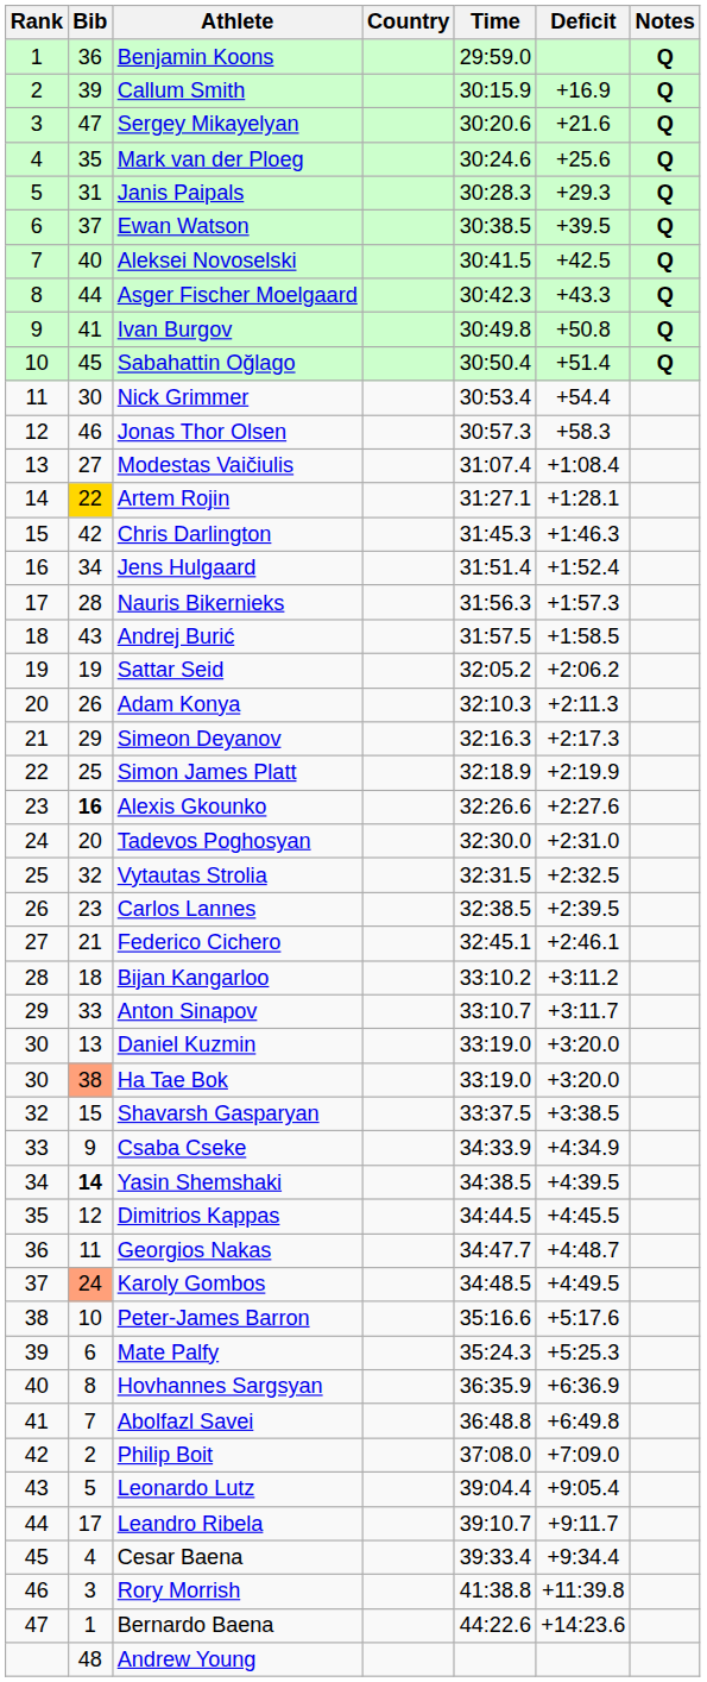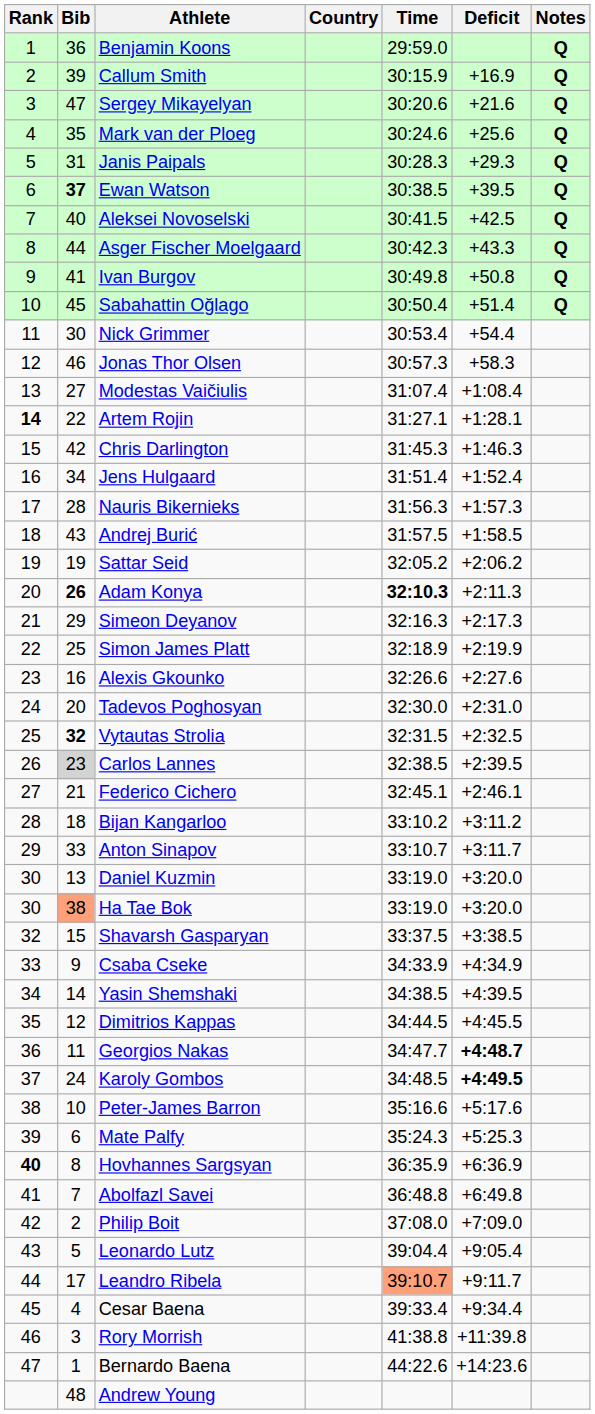 <table class="wikitable sortable" style="text-align:center">
 <tr>
 <th>Rank</th>
 <th>Bib</th>
 <th>Athlete</th>
 <th>Country</th>
 <th>Time</th>
 <th>Deficit</th>
 <th>Notes</th>
 </tr>
 <tr bgcolor="#ccffcc">
 <td>1</td>
 <td>36</td>
 <td align=left><a href='#'>Benjamin Koons</a></td>
 <td align=left></td>
 <td>29:59.0</td>
 <td></td>
 <td><strong>Q</strong></td>
 </tr>
 <tr bgcolor="#ccffcc">
 <td>2</td>
 <td>39</td>
 <td align=left><a href='#'>Callum Smith</a></td>
 <td align=left></td>
 <td>30:15.9</td>
 <td>+16.9</td>
 <td><strong>Q</strong></td>
 </tr>
 <tr bgcolor="#ccffcc">
 <td>3</td>
 <td>47</td>
 <td align=left><a href='#'>Sergey Mikayelyan</a></td>
 <td align=left></td>
 <td>30:20.6</td>
 <td>+21.6</td>
 <td><strong>Q</strong></td>
 </tr>
 <tr bgcolor="#ccffcc">
 <td>4</td>
 <td>35</td>
 <td align=left><a href='#'>Mark van der Ploeg</a></td>
 <td align=left></td>
 <td>30:24.6</td>
 <td>+25.6</td>
 <td><strong>Q</strong></td>
 </tr>
 <tr bgcolor="#ccffcc">
 <td>5</td>
 <td>31</td>
 <td align=left><a href='#'>Janis Paipals</a></td>
 <td align=left></td>
 <td>30:28.3</td>
 <td>+29.3</td>
 <td><strong>Q</strong></td>
 </tr>
 <tr bgcolor="#ccffcc">
 <td>6</td>
-<td>37</td>
+<td><strong>37</strong></td>
 <td align=left><a href='#'>Ewan Watson</a></td>
 <td align=left></td>
 <td>30:38.5</td>
 <td>+39.5</td>
 <td><strong>Q</strong></td>
 </tr>
 <tr bgcolor="#ccffcc">
 <td>7</td>
 <td>40</td>
 <td align=left><a href='#'>Aleksei Novoselski</a></td>
 <td align=left></td>
 <td>30:41.5</td>
 <td>+42.5</td>
 <td><strong>Q</strong></td>
 </tr>
 <tr bgcolor="#ccffcc">
 <td>8</td>
 <td>44</td>
 <td align=left><a href='#'>Asger Fischer Moelgaard</a></td>
 <td align=left></td>
 <td>30:42.3</td>
 <td>+43.3</td>
 <td><strong>Q</strong></td>
 </tr>
 <tr bgcolor="#ccffcc">
 <td>9</td>
 <td>41</td>
 <td align=left><a href='#'>Ivan Burgov</a></td>
 <td align=left></td>
 <td>30:49.8</td>
 <td>+50.8</td>
 <td><strong>Q</strong></td>
 </tr>
 <tr bgcolor="#ccffcc">
 <td>10</td>
 <td>45</td>
 <td align=left><a href='#'>Sabahattin Oğlago</a></td>
 <td align=left></td>
 <td>30:50.4</td>
 <td>+51.4</td>
 <td><strong>Q</strong></td>
 </tr>
 <tr>
 <td>11</td>
 <td>30</td>
 <td align=left><a href='#'>Nick Grimmer</a></td>
 <td align=left></td>
 <td>30:53.4</td>
 <td>+54.4</td>
 <td></td>
 </tr>
 <tr>
 <td>12</td>
 <td>46</td>
 <td align=left><a href='#'>Jonas Thor Olsen</a></td>
 <td align=left></td>
 <td>30:57.3</td>
 <td>+58.3</td>
 <td></td>
 </tr>
 <tr>
 <td>13</td>
 <td>27</td>
 <td align=left><a href='#'>Modestas Vaičiulis</a></td>
 <td align=left></td>
 <td>31:07.4</td>
 <td>+1:08.4</td>
 <td></td>
 </tr>
 <tr>
-<td>14</td>
-<td style="background: gold;">22</td>
+<td><strong>14</strong></td>
+<td>22</td>
 <td align=left><a href='#'>Artem Rojin</a></td>
 <td align=left></td>
 <td>31:27.1</td>
 <td>+1:28.1</td>
 <td></td>
 </tr>
 <tr>
 <td>15</td>
 <td>42</td>
 <td align=left><a href='#'>Chris Darlington</a></td>
 <td align=left></td>
 <td>31:45.3</td>
 <td>+1:46.3</td>
 <td></td>
 </tr>
 <tr>
 <td>16</td>
 <td>34</td>
 <td align=left><a href='#'>Jens Hulgaard</a></td>
 <td align=left></td>
 <td>31:51.4</td>
 <td>+1:52.4</td>
 <td></td>
 </tr>
 <tr>
 <td>17</td>
 <td>28</td>
 <td align=left><a href='#'>Nauris Bikernieks</a></td>
 <td align=left></td>
 <td>31:56.3</td>
 <td>+1:57.3</td>
 <td></td>
 </tr>
 <tr>
 <td>18</td>
 <td>43</td>
 <td align=left><a href='#'>Andrej Burić</a></td>
 <td align=left></td>
 <td>31:57.5</td>
 <td>+1:58.5</td>
 <td></td>
 </tr>
 <tr>
 <td>19</td>
 <td>19</td>
 <td align=left><a href='#'>Sattar Seid</a></td>
 <td align=left></td>
 <td>32:05.2</td>
 <td>+2:06.2</td>
 <td></td>
 </tr>
 <tr>
 <td>20</td>
-<td>26</td>
+<td><strong>26</strong></td>
 <td align=left><a href='#'>Adam Konya</a></td>
 <td align=left></td>
-<td>32:10.3</td>
+<td><strong>32:10.3</strong></td>
 <td>+2:11.3</td>
 <td></td>
 </tr>
 <tr>
 <td>21</td>
 <td>29</td>
 <td align=left><a href='#'>Simeon Deyanov</a></td>
 <td align=left></td>
 <td>32:16.3</td>
 <td>+2:17.3</td>
 <td></td>
 </tr>
 <tr>
 <td>22</td>
 <td>25</td>
 <td align=left><a href='#'>Simon James Platt</a></td>
 <td align=left></td>
 <td>32:18.9</td>
 <td>+2:19.9</td>
 <td></td>
 </tr>
 <tr>
 <td>23</td>
-<td><strong>16</strong></td>
+<td>16</td>
 <td align=left><a href='#'>Alexis Gkounko</a></td>
 <td align=left></td>
 <td>32:26.6</td>
 <td>+2:27.6</td>
 <td></td>
 </tr>
 <tr>
 <td>24</td>
 <td>20</td>
 <td align=left><a href='#'>Tadevos Poghosyan</a></td>
 <td align=left></td>
 <td>32:30.0</td>
 <td>+2:31.0</td>
 <td></td>
 </tr>
 <tr>
 <td>25</td>
-<td>32</td>
+<td><strong>32</strong></td>
 <td align=left><a href='#'>Vytautas Strolia</a></td>
 <td align=left></td>
 <td>32:31.5</td>
 <td>+2:32.5</td>
 <td></td>
 </tr>
 <tr>
 <td>26</td>
-<td>23</td>
+<td style="background: lightgrey;">23</td>
 <td align=left><a href='#'>Carlos Lannes</a></td>
 <td align=left></td>
 <td>32:38.5</td>
 <td>+2:39.5</td>
 <td></td>
 </tr>
 <tr>
 <td>27</td>
 <td>21</td>
 <td align=left><a href='#'>Federico Cichero</a></td>
 <td align=left></td>
 <td>32:45.1</td>
 <td>+2:46.1</td>
 <td></td>
 </tr>
 <tr>
 <td>28</td>
 <td>18</td>
 <td align=left><a href='#'>Bijan Kangarloo</a></td>
 <td align=left></td>
 <td>33:10.2</td>
 <td>+3:11.2</td>
 <td></td>
 </tr>
 <tr>
 <td>29</td>
 <td>33</td>
 <td align=left><a href='#'>Anton Sinapov</a></td>
 <td align=left></td>
 <td>33:10.7</td>
 <td>+3:11.7</td>
 <td></td>
 </tr>
 <tr>
 <td>30</td>
 <td>13</td>
 <td align=left><a href='#'>Daniel Kuzmin</a></td>
 <td align=left></td>
 <td>33:19.0</td>
 <td>+3:20.0</td>
 <td></td>
 </tr>
 <tr>
 <td>30</td>
 <td style="background: lightsalmon;">38</td>
 <td align=left><a href='#'>Ha Tae Bok</a></td>
 <td align=left></td>
 <td>33:19.0</td>
 <td>+3:20.0</td>
 <td></td>
 </tr>
 <tr>
 <td>32</td>
 <td>15</td>
 <td align=left><a href='#'>Shavarsh Gasparyan</a></td>
 <td align=left></td>
 <td>33:37.5</td>
 <td>+3:38.5</td>
 <td></td>
 </tr>
 <tr>
 <td>33</td>
 <td>9</td>
 <td align=left><a href='#'>Csaba Cseke</a></td>
 <td align=left></td>
 <td>34:33.9</td>
 <td>+4:34.9</td>
 <td></td>
 </tr>
 <tr>
 <td>34</td>
-<td><strong>14</strong></td>
+<td>14</td>
 <td align=left><a href='#'>Yasin Shemshaki</a></td>
 <td align=left></td>
 <td>34:38.5</td>
 <td>+4:39.5</td>
 <td></td>
 </tr>
 <tr>
 <td>35</td>
 <td>12</td>
 <td align=left><a href='#'>Dimitrios Kappas</a></td>
 <td align=left></td>
 <td>34:44.5</td>
 <td>+4:45.5</td>
 <td></td>
 </tr>
 <tr>
 <td>36</td>
 <td>11</td>
 <td align=left><a href='#'>Georgios Nakas</a></td>
 <td align=left></td>
 <td>34:47.7</td>
-<td>+4:48.7</td>
+<td><strong>+4:48.7</strong></td>
 <td></td>
 </tr>
 <tr>
 <td>37</td>
-<td style="background: lightsalmon;">24</td>
+<td>24</td>
 <td align=left><a href='#'>Karoly Gombos</a></td>
 <td align=left></td>
 <td>34:48.5</td>
-<td>+4:49.5</td>
+<td><strong>+4:49.5</strong></td>
 <td></td>
 </tr>
 <tr>
 <td>38</td>
 <td>10</td>
 <td align=left><a href='#'>Peter-James Barron</a></td>
 <td align=left></td>
 <td>35:16.6</td>
 <td>+5:17.6</td>
 <td></td>
 </tr>
 <tr>
 <td>39</td>
 <td>6</td>
 <td align=left><a href='#'>Mate Palfy</a></td>
 <td align=left></td>
 <td>35:24.3</td>
 <td>+5:25.3</td>
 <td></td>
 </tr>
 <tr>
-<td>40</td>
+<td><strong>40</strong></td>
 <td>8</td>
 <td align=left><a href='#'>Hovhannes Sargsyan</a></td>
 <td align=left></td>
 <td>36:35.9</td>
 <td>+6:36.9</td>
 <td></td>
 </tr>
 <tr>
 <td>41</td>
 <td>7</td>
 <td align=left><a href='#'>Abolfazl Savei</a></td>
 <td align=left></td>
 <td>36:48.8</td>
 <td>+6:49.8</td>
 <td></td>
 </tr>
 <tr>
 <td>42</td>
 <td>2</td>
 <td align=left><a href='#'>Philip Boit</a></td>
 <td align=left></td>
 <td>37:08.0</td>
 <td>+7:09.0</td>
 <td></td>
 </tr>
 <tr>
 <td>43</td>
 <td>5</td>
 <td align=left><a href='#'>Leonardo Lutz</a></td>
 <td align=left></td>
 <td>39:04.4</td>
 <td>+9:05.4</td>
 <td></td>
 </tr>
 <tr>
 <td>44</td>
 <td>17</td>
 <td align=left><a href='#'>Leandro Ribela</a></td>
 <td align=left></td>
-<td>39:10.7</td>
+<td style="background: lightsalmon;">39:10.7</td>
 <td>+9:11.7</td>
 <td></td>
 </tr>
 <tr>
 <td>45</td>
 <td>4</td>
 <td align=left>Cesar Baena</td>
 <td align=left></td>
 <td>39:33.4</td>
 <td>+9:34.4</td>
 <td></td>
 </tr>
 <tr>
 <td>46</td>
 <td>3</td>
 <td align=left><a href='#'>Rory Morrish</a></td>
 <td align=left></td>
 <td>41:38.8</td>
 <td>+11:39.8</td>
 <td></td>
 </tr>
 <tr>
 <td>47</td>
 <td>1</td>
 <td align=left>Bernardo Baena</td>
 <td align=left></td>
 <td>44:22.6</td>
 <td>+14:23.6</td>
 <td></td>
 </tr>
 <tr>
 <td></td>
 <td>48</td>
 <td align=left><a href='#'>Andrew Young</a></td>
 <td align=left></td>
 <td></td>
 <td></td>
 <td></td>
 </tr>
 </table>
